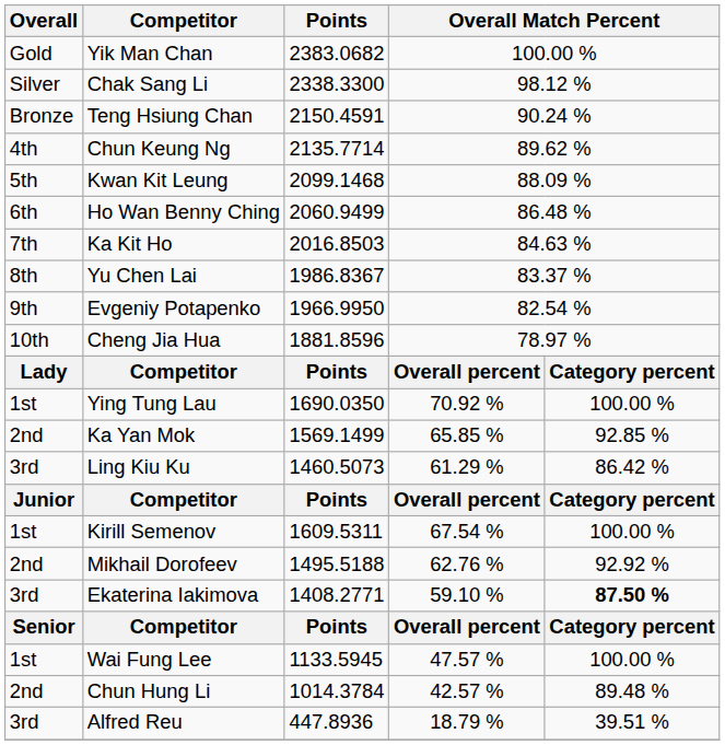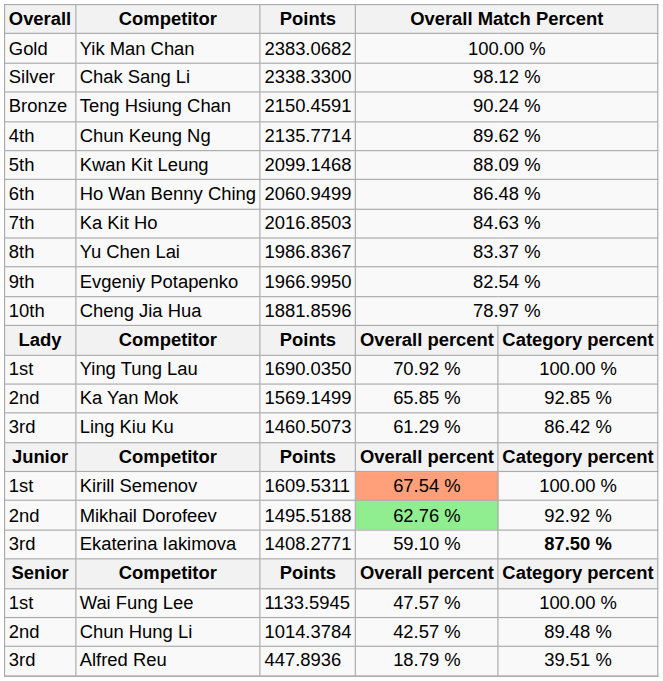 <table class="wikitable" style="text-align: left;">
 <tr>
 <th>Overall</th>
 <th>Competitor</th>
 <th>Points</th>
 <th colspan="2">Overall Match Percent</th>
 </tr>
 <tr>
 <td> Gold</td>
 <td> Yik Man Chan</td>
 <td>2383.0682</td>
 <td colspan="2" style="text-align: center;">100.00 %</td>
 </tr>
 <tr>
 <td> Silver</td>
 <td> Chak Sang Li</td>
 <td>2338.3300</td>
 <td colspan="2" style="text-align: center;">98.12 %</td>
 </tr>
 <tr>
 <td> Bronze</td>
 <td> Teng Hsiung Chan</td>
 <td>2150.4591</td>
 <td colspan="2" style="text-align: center;">90.24 %</td>
 </tr>
 <tr>
 <td>4th</td>
 <td> Chun Keung Ng</td>
 <td>2135.7714</td>
 <td colspan="2" style="text-align: center;">89.62 %</td>
 </tr>
 <tr>
 <td>5th</td>
 <td> Kwan Kit Leung</td>
 <td>2099.1468</td>
 <td colspan="2" style="text-align: center;">88.09 %</td>
 </tr>
 <tr>
 <td>6th</td>
 <td> Ho Wan Benny Ching</td>
 <td>2060.9499</td>
 <td colspan="2" style="text-align: center;">86.48 %</td>
 </tr>
 <tr>
 <td>7th</td>
 <td> Ka Kit Ho</td>
 <td>2016.8503</td>
 <td colspan="2" style="text-align: center;">84.63 %</td>
 </tr>
 <tr>
 <td>8th</td>
 <td> Yu Chen Lai</td>
 <td>1986.8367</td>
 <td colspan="2" style="text-align: center;">83.37 %</td>
 </tr>
 <tr>
 <td>9th</td>
 <td> Evgeniy Potapenko</td>
 <td>1966.9950</td>
 <td colspan="2" style="text-align: center;">82.54 %</td>
 </tr>
 <tr>
 <td>10th</td>
 <td> Cheng Jia Hua</td>
 <td>1881.8596</td>
 <td colspan="2" style="text-align: center;">78.97 %</td>
 </tr>
 <tr>
 <th>Lady</th>
 <th>Competitor</th>
 <th>Points</th>
 <th>Overall percent</th>
 <th>Category percent</th>
 </tr>
 <tr>
 <td>1st</td>
 <td> Ying Tung Lau</td>
 <td>1690.0350</td>
 <td style="text-align: center;">70.92 %</td>
 <td style="text-align: center;">100.00 %</td>
 </tr>
 <tr>
 <td>2nd</td>
 <td> Ka Yan Mok</td>
 <td>1569.1499</td>
 <td style="text-align: center;">65.85 %</td>
 <td style="text-align: center;">92.85 %</td>
 </tr>
 <tr>
 <td>3rd</td>
 <td> Ling Kiu Ku</td>
 <td>1460.5073</td>
 <td style="text-align: center;">61.29 %</td>
 <td style="text-align: center;">86.42 %</td>
 </tr>
 <tr>
 <th>Junior</th>
 <th>Competitor</th>
 <th>Points</th>
 <th>Overall percent</th>
 <th>Category percent</th>
 </tr>
 <tr>
 <td>1st</td>
 <td> Kirill Semenov</td>
 <td>1609.5311</td>
-<td style="text-align: center;">67.54 %</td>
+<td style="background: lightsalmon; text-align: center;">67.54 %</td>
 <td style="text-align: center;">100.00 %</td>
 </tr>
 <tr>
 <td>2nd</td>
 <td> Mikhail Dorofeev</td>
 <td>1495.5188</td>
-<td style="text-align: center;">62.76 %</td>
+<td style="background: lightgreen; text-align: center;">62.76 %</td>
 <td style="text-align: center;">92.92 %</td>
 </tr>
 <tr>
 <td>3rd</td>
 <td> Ekaterina Iakimova</td>
 <td>1408.2771</td>
 <td style="text-align: center;">59.10 %</td>
 <td style="text-align: center;"><strong>87.50 %</strong></td>
 </tr>
 <tr>
 <th>Senior</th>
 <th>Competitor</th>
 <th>Points</th>
 <th>Overall percent</th>
 <th>Category percent</th>
 </tr>
 <tr>
 <td>1st</td>
 <td> Wai Fung Lee</td>
 <td>1133.5945</td>
 <td style="text-align: center;">47.57 %</td>
 <td style="text-align: center;">100.00 %</td>
 </tr>
 <tr>
 <td>2nd</td>
 <td> Chun Hung Li</td>
 <td>1014.3784</td>
 <td style="text-align: center;">42.57 %</td>
 <td style="text-align: center;">89.48 %</td>
 </tr>
 <tr>
 <td>3rd</td>
 <td> Alfred Reu</td>
 <td>447.8936</td>
 <td style="text-align: center;">18.79 %</td>
 <td style="text-align: center;">39.51 %</td>
 </tr>
 <tr>
 </tr>
 </table>
